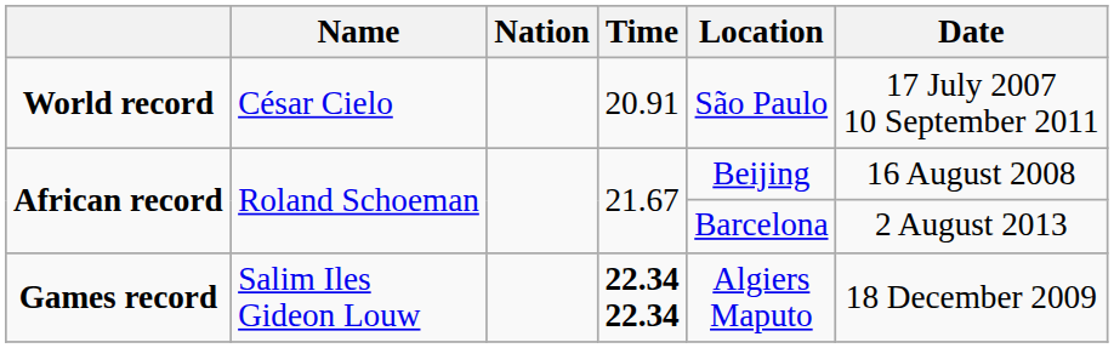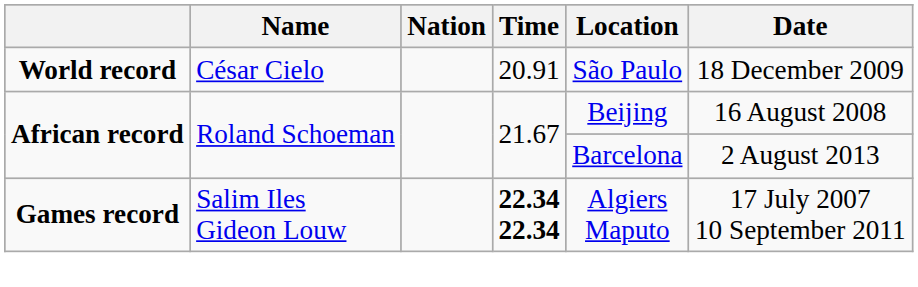 <table class=wikitable style=text-align:center>
 <tr>
 <th></th>
 <th>Name</th>
 <th>Nation</th>
 <th>Time</th>
 <th>Location</th>
 <th>Date</th>
 </tr>
 <tr>
 <td><strong>World record</strong></td>
 <td align=left><a href='#'>César Cielo</a></td>
 <td align=left></td>
 <td align=left>20.91</td>
 <td><a href='#'>São Paulo</a></td>
-<td>17 July 2007<br>10 September 2011</td>
+<td>18 December 2009</td>
 </tr>
 <tr>
 <td rowspan=2><strong>African record</strong></td>
 <td rowspan=2 align=left><a href='#'>Roland Schoeman</a></td>
 <td rowspan=2 align=left></td>
 <td rowspan=2 align=left>21.67</td>
 <td><a href='#'>Beijing</a></td>
 <td>16 August 2008</td>
 </tr>
 <tr>
 <td><a href='#'>Barcelona</a></td>
 <td>2 August 2013</td>
 </tr>
 <tr>
 <td><strong>Games record</strong></td>
 <td align=left><a href='#'>Salim Iles</a><br><a href='#'>Gideon Louw</a></td>
 <td align=left><br></td>
 <td align=left><strong>22.34<br>22.34</strong></td>
 <td><a href='#'>Algiers</a><br><a href='#'>Maputo</a></td>
-<td>18 December 2009</td>
+<td>17 July 2007<br>10 September 2011</td>
 </tr>
 </table>
